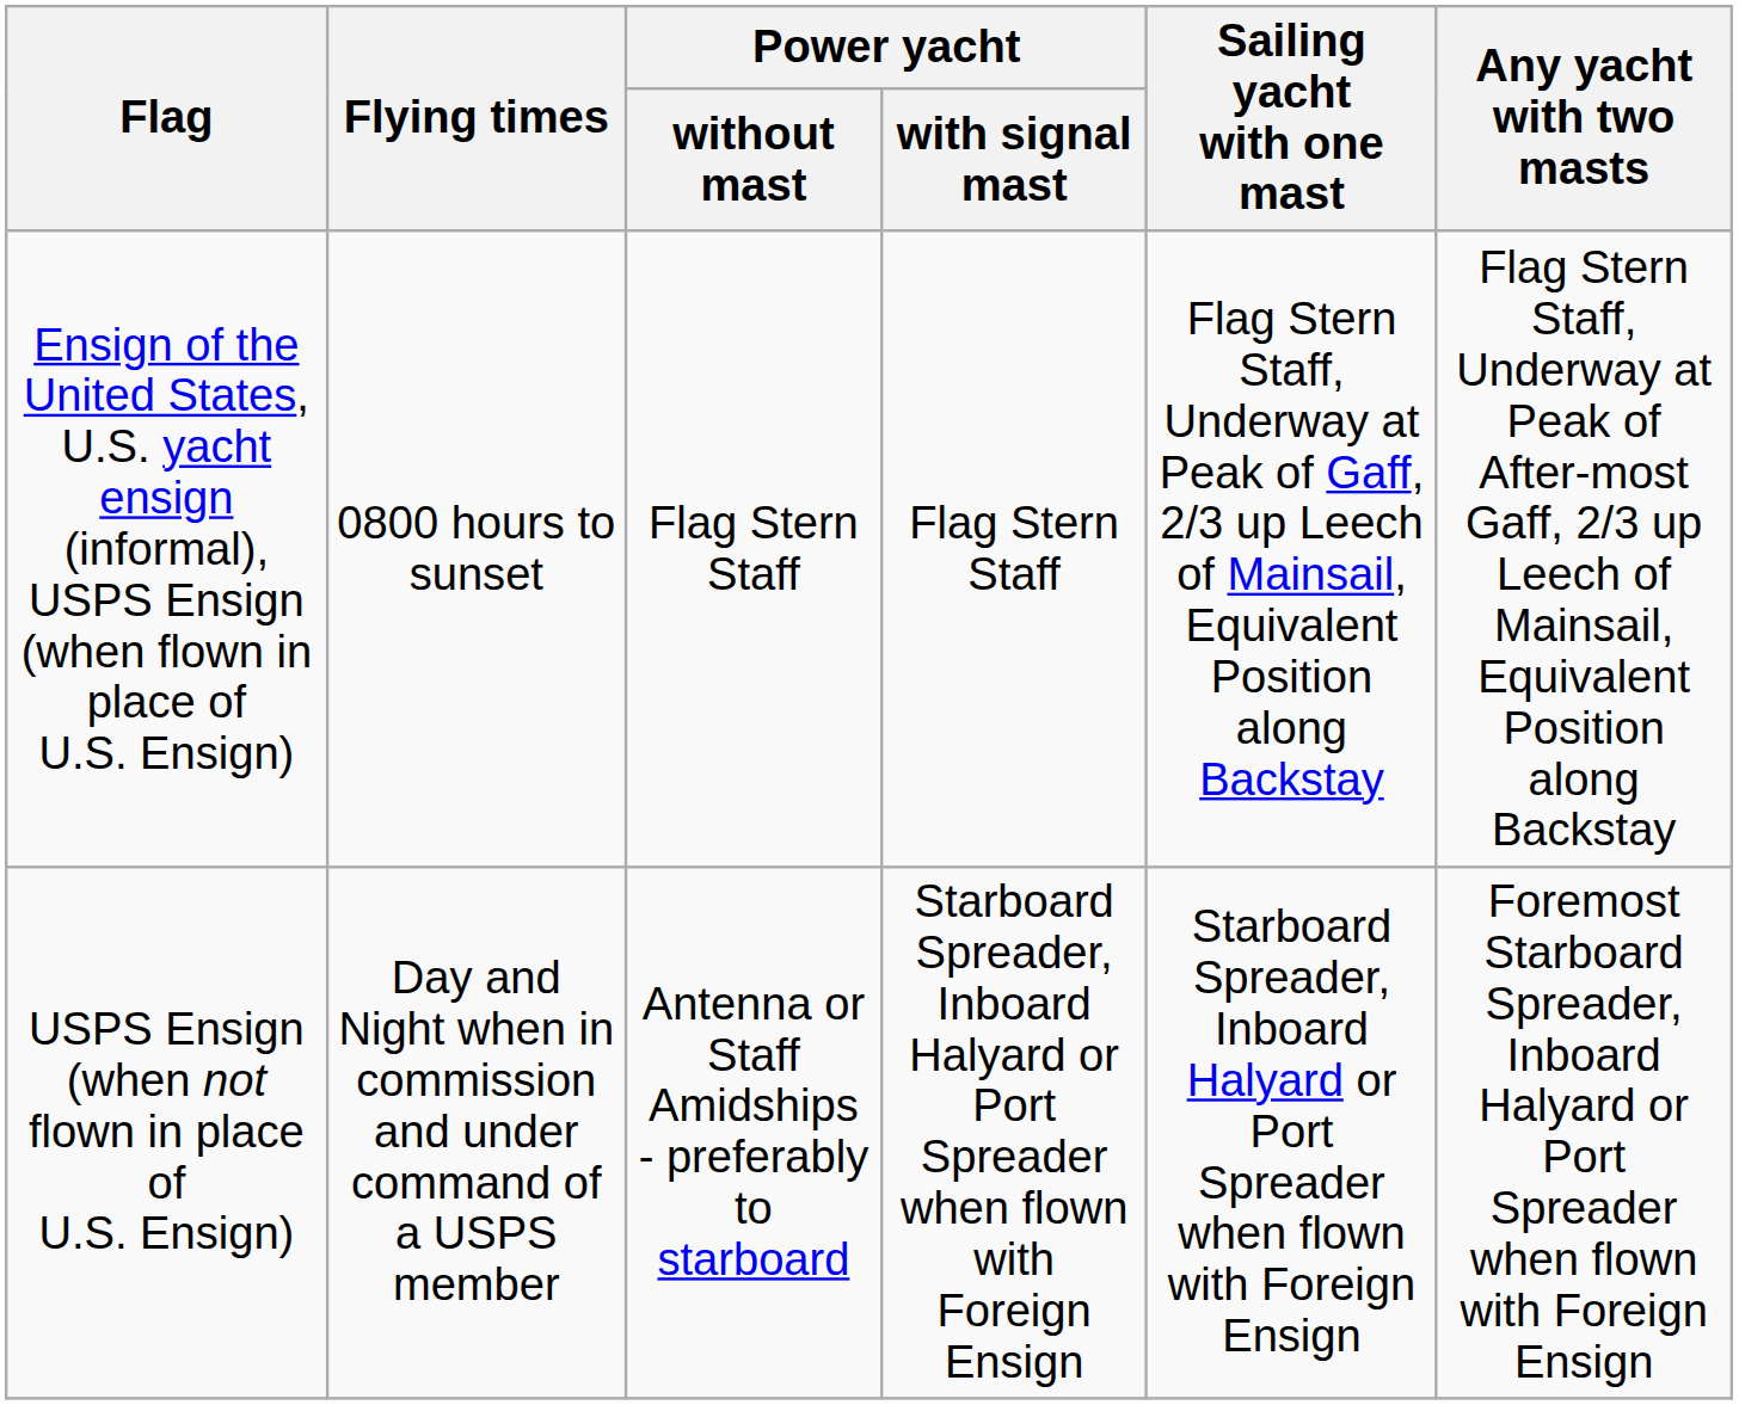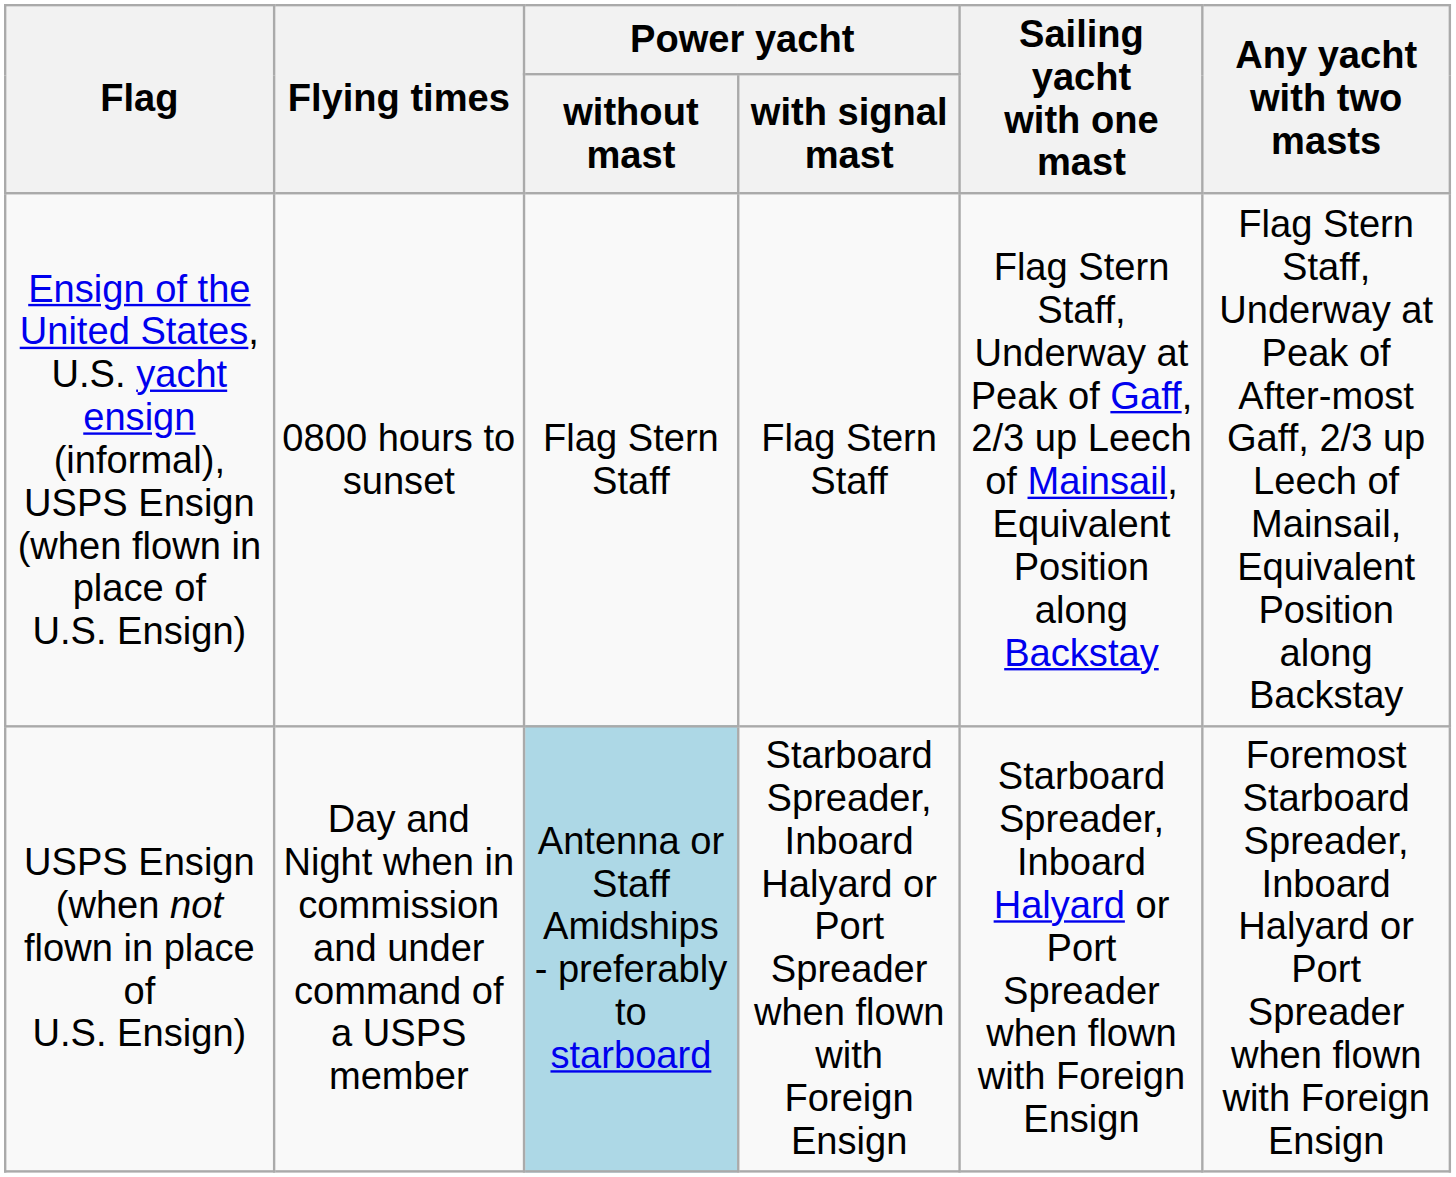 <table class="wikitable" style="text-align:center;">
 <tr>
 <th rowspan=2>Flag</th>
 <th rowspan=2>Flying times</th>
 <th colspan=2>Power yacht</th>
 <th rowspan=2>Sailing yacht <br>with one mast</th>
 <th rowspan=2>Any yacht <br>with two masts</th>
 </tr>
 <tr>
 <th>without mast</th>
 <th>with signal mast</th>
 </tr>
 <tr>
 <td><a href='#'>Ensign of the United States</a>, <br>U.S. <a href='#'>yacht ensign</a> (informal), <br>USPS Ensign (when flown in place of U.S. Ensign)</td>
 <td>0800 hours to sunset</td>
 <td>Flag Stern Staff</td>
 <td>Flag Stern Staff</td>
 <td>Flag Stern Staff, Underway at Peak of <a href='#'>Gaff</a>, 2/3 up Leech of <a href='#'>Mainsail</a>, Equivalent Position along <a href='#'>Backstay</a></td>
 <td>Flag Stern Staff, Underway at Peak of After-most Gaff, 2/3 up Leech of Mainsail, Equivalent Position along Backstay</td>
 </tr>
 <tr>
 <td>USPS Ensign (when <em>not</em> flown in place of U.S. Ensign)</td>
 <td>Day and Night when in commission and under command of a USPS member</td>
-<td>Antenna or Staff Amidships - preferably to <a href='#'>starboard</a></td>
+<td style="background: lightblue;">Antenna or Staff Amidships - preferably to <a href='#'>starboard</a></td>
 <td>Starboard Spreader, Inboard Halyard or Port Spreader when flown with Foreign Ensign</td>
 <td>Starboard Spreader, Inboard <a href='#'>Halyard</a> or Port Spreader when flown with Foreign Ensign</td>
 <td>Foremost Starboard Spreader, Inboard Halyard or Port Spreader when flown with Foreign Ensign</td>
 </tr>
 </table>
